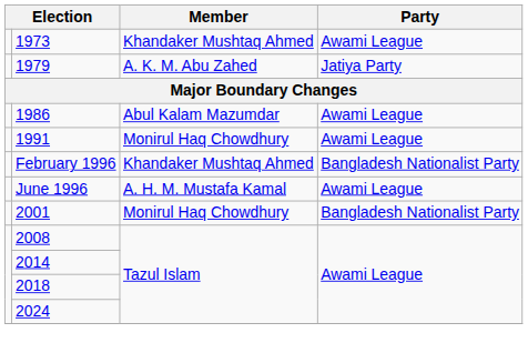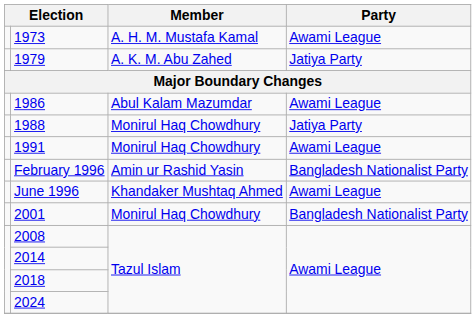 <table class="wikitable">
 <tr>
 <th colspan="2">Election</th>
 <th>Member</th>
 <th>Party</th>
 </tr>
 <tr>
 <td style="background-color:"></td>
 <td><a href='#'>1973</a></td>
-<td><a href='#'>Khandaker Mushtaq Ahmed</a></td>
+<td><a href='#'>A. H. M. Mustafa Kamal</a></td>
 <td><a href='#'>Awami League</a></td>
 </tr>
 <tr>
 <td style="background-color:"></td>
 <td><a href='#'>1979</a></td>
 <td><a href='#'>A. K. M. Abu Zahed</a></td>
 <td><a href='#'>Jatiya Party</a></td>
 </tr>
 <tr>
 <th colspan="4">Major Boundary Changes</th>
 </tr>
 <tr>
 <td style="background-color:"></td>
 <td><a href='#'>1986</a></td>
 <td><a href='#'>Abul Kalam Mazumdar</a></td>
 <td><a href='#'>Awami League</a></td>
 </tr>
 <tr>
 <td style="background-color:"></td>
+<td><a href='#'>1988</a></td>
+<td><a href='#'>Monirul Haq Chowdhury</a></td>
+<td><a href='#'>Jatiya Party</a></td>
+</tr>
+<tr>
+<td style="background-color:"></td>
 <td><a href='#'>1991</a></td>
 <td><a href='#'>Monirul Haq Chowdhury</a></td>
 <td><a href='#'>Awami League</a></td>
 </tr>
 <tr>
 <td style="background-color:"></td>
 <td><a href='#'>February 1996</a></td>
-<td><a href='#'>Khandaker Mushtaq Ahmed</a></td>
+<td><a href='#'>Amin ur Rashid Yasin</a></td>
 <td><a href='#'>Bangladesh Nationalist Party</a></td>
 </tr>
 <tr>
 <td style="background-color:"></td>
 <td><a href='#'>June 1996</a></td>
-<td><a href='#'>A. H. M. Mustafa Kamal</a></td>
+<td><a href='#'>Khandaker Mushtaq Ahmed</a></td>
 <td><a href='#'>Awami League</a></td>
 </tr>
 <tr>
 <td style="background-color:"></td>
 <td><a href='#'>2001</a></td>
 <td><a href='#'>Monirul Haq Chowdhury</a></td>
 <td><a href='#'>Bangladesh Nationalist Party</a></td>
 </tr>
 <tr>
 <td rowspan="4" style="background-color:"></td>
 <td><a href='#'>2008</a></td>
 <td rowspan="4"><a href='#'>Tazul Islam</a></td>
 <td rowspan="4"><a href='#'>Awami League</a></td>
 </tr>
 <tr>
 <td><a href='#'>2014</a></td>
 </tr>
 <tr>
 <td><a href='#'>2018</a></td>
 </tr>
 <tr>
 <td><a href='#'>2024</a></td>
 </tr>
 <tr>
 </tr>
 </table>
